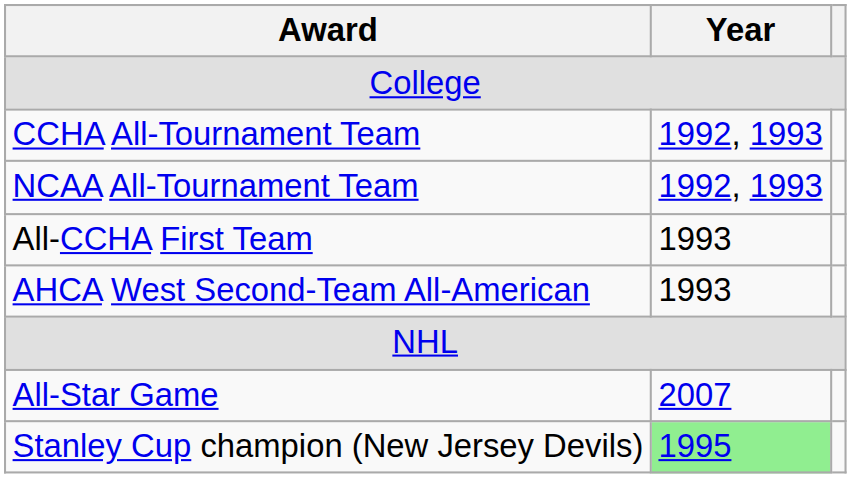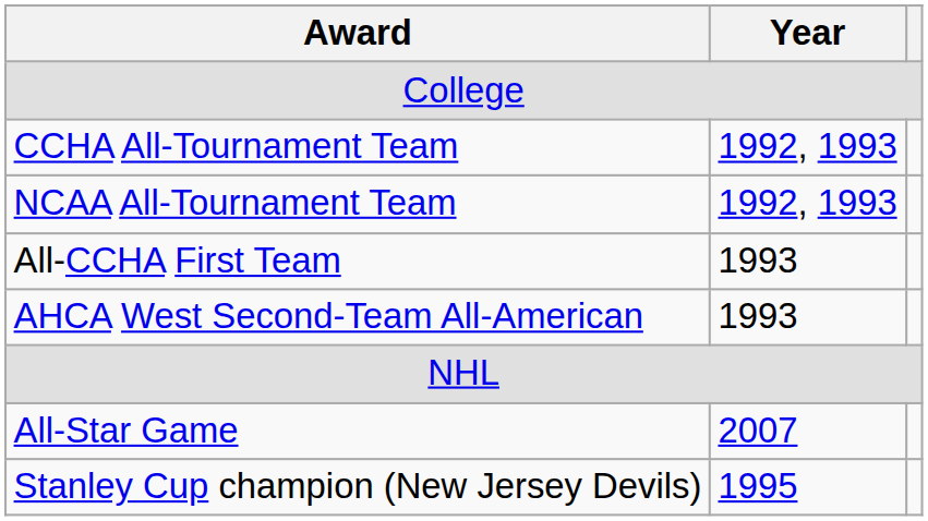 <table class="wikitable">
 <tr>
 <th>Award</th>
 <th>Year</th>
 <th></th>
 </tr>
 <tr ALIGN="center" bgcolor="#e0e0e0">
 <td colspan="3"><a href='#'>College</a></td>
 </tr>
 <tr>
 <td><a href='#'>CCHA</a> <a href='#'>All-Tournament Team</a></td>
 <td><a href='#'>1992</a>, <a href='#'>1993</a></td>
 <td></td>
 </tr>
 <tr>
 <td><a href='#'>NCAA</a> <a href='#'>All-Tournament Team</a></td>
 <td><a href='#'>1992</a>, <a href='#'>1993</a></td>
 <td></td>
 </tr>
 <tr>
 <td>All-<a href='#'>CCHA</a> <a href='#'>First Team</a></td>
 <td>1993</td>
 <td></td>
 </tr>
 <tr>
 <td><a href='#'>AHCA</a> <a href='#'>West Second-Team All-American</a></td>
 <td>1993</td>
 <td></td>
 </tr>
 <tr ALIGN="center" bgcolor="#e0e0e0">
 <td colspan="3"><a href='#'>NHL</a></td>
 </tr>
 <tr>
 <td><a href='#'>All-Star Game</a></td>
 <td><a href='#'>2007</a></td>
 <td></td>
 </tr>
 <tr>
 <td><a href='#'>Stanley Cup</a> champion (New Jersey Devils)</td>
-<td style="background: lightgreen;"><a href='#'>1995</a></td>
+<td><a href='#'>1995</a></td>
 <td></td>
 </tr>
 </table>
